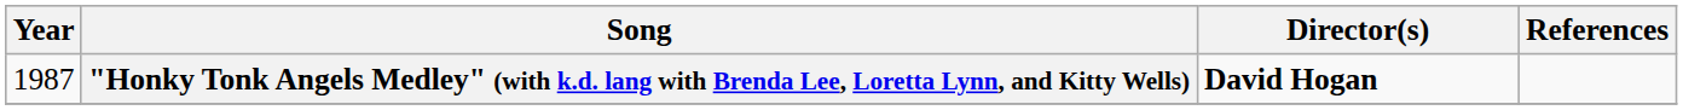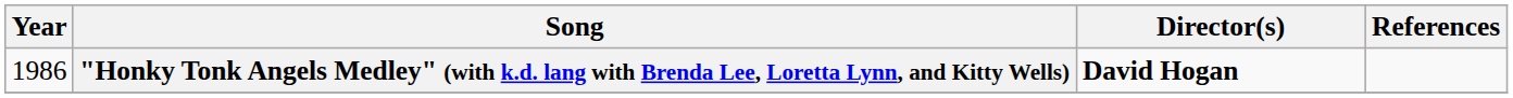 <table class="wikitable plainrowheaders" style="text-align:center;">
 <tr>
 <th>Year</th>
 <th>Song</th>
 <th style="width:10em;">Director(s)</th>
 <th>References</th>
 </tr>
 <tr>
-<td>1987</td>
+<td>1986</td>
 <th scope="row">"Honky Tonk Angels Medley" <small>(with <a href='#'>k.d. lang</a> with <a href='#'>Brenda Lee</a>, <a href='#'>Loretta Lynn</a>, and Kitty Wells)</small></th>
 <td align="left"><strong>David Hogan</strong></td>
 <td></td>
 </tr>
 <tr>
 </tr>
 </table>
